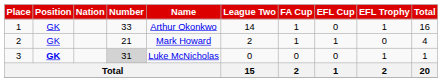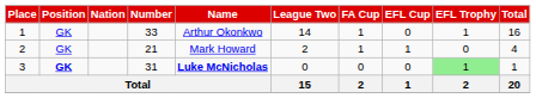 <table class="wikitable" style="font-size: 95%; text-align: center">
 <tr>
 <th style="background:#d00; color:white; text-align:center;"!width=80>Place</th>
 <th style="background:#d00; color:white; text-align:center;"!width=80>Position</th>
 <th style="background:#d00; color:white; text-align:center;"!width=80>Nation</th>
 <th style="background:#d00; color:white; text-align:center;"!width=80>Number</th>
 <th style="background:#d00; color:white; text-align:center;"!width=150>Name</th>
 <th style="background:#d00; color:white; text-align:center;"!width=150>League Two</th>
 <th style="background:#d00; color:white; text-align:center;"!width=150>FA Cup</th>
 <th style="background:#d00; color:white; text-align:center;"!width=150>EFL Cup</th>
 <th style="background:#d00; color:white; text-align:center;"!width=150>EFL Trophy</th>
 <th style="background:#d00; color:white; text-align:center;"!width=80>Total</th>
 </tr>
 <tr>
 <td rowspan=1>1</td>
 <td><a href='#'>GK</a></td>
 <td></td>
 <td>33</td>
 <td><a href='#'>Arthur Okonkwo</a></td>
 <td>14</td>
 <td>1</td>
 <td>0</td>
 <td>1</td>
 <td>16</td>
 </tr>
 <tr>
 <td rowspan=1>2</td>
 <td><a href='#'>GK</a></td>
 <td></td>
 <td>21</td>
 <td><a href='#'>Mark Howard</a></td>
 <td>2</td>
 <td>1</td>
 <td>1</td>
 <td>0</td>
 <td>4</td>
 </tr>
 <tr>
 <td rowspan=1>3</td>
 <td><strong><a href='#'>GK</a></strong></td>
 <td></td>
-<td style="background: lightgrey;">31</td>
-<td><a href='#'>Luke McNicholas</a></td>
+<td>31</td>
+<td><strong><a href='#'>Luke McNicholas</a></strong></td>
 <td>0</td>
 <td>0</td>
 <td>0</td>
-<td>1</td>
+<td style="background: lightgreen;">1</td>
 <td>1</td>
 </tr>
 <tr>
 <th colspan=5>Total</th>
 <th>15</th>
 <th>2</th>
 <th>1</th>
 <th>2</th>
 <th>20</th>
 </tr>
 <tr>
 </tr>
 </table>
